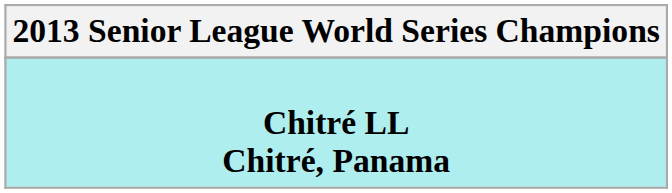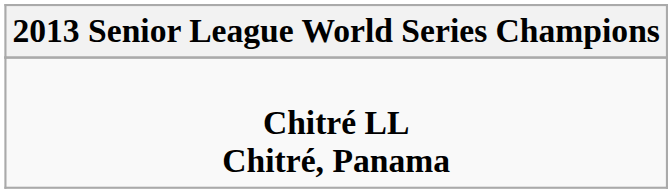 <table class="wikitable" style="text-align: center; margin: 0 auto;">
 <tr>
 <th>2013 Senior League World Series Champions</th>
 </tr>
 <tr>
 </tr>
 <tr>
-<td style="background: paleturquoise;"><br><strong>Chitré LL</strong><br> <strong>Chitré, Panama</strong></td>
+<td><br><strong>Chitré LL</strong><br> <strong>Chitré, Panama</strong></td>
 </tr>
 </table>
